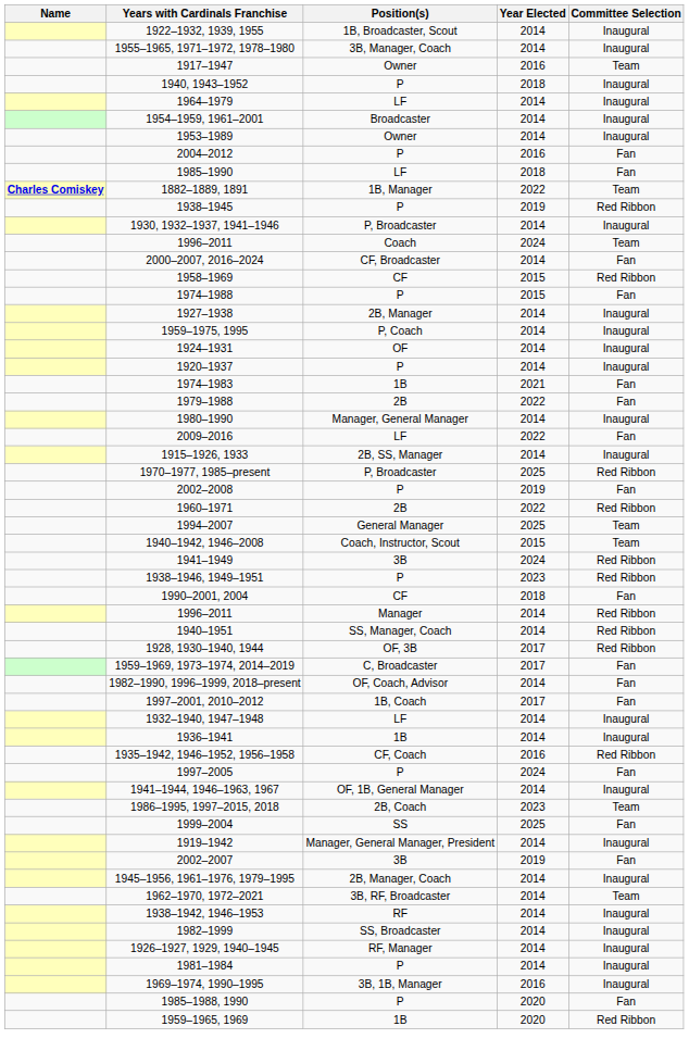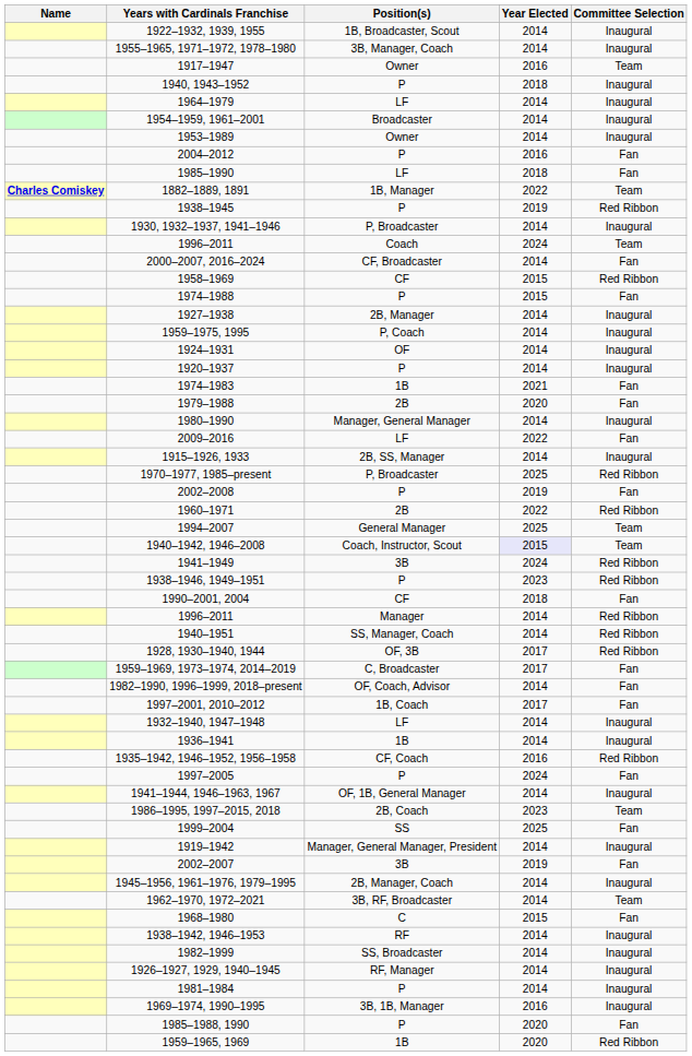 <table class="wikitable sortable" style="text-align:center">
 <tr>
 <th>Name</th>
 <th>Years with Cardinals Franchise</th>
 <th>Position(s)</th>
 <th>Year Elected</th>
 <th>Committee Selection</th>
 </tr>
 <tr>
 <td style="background:#ffb;"><strong></strong></td>
 <td>1922–1932, 1939, 1955</td>
 <td>1B, Broadcaster, Scout</td>
 <td>2014</td>
 <td>Inaugural</td>
 </tr>
 <tr>
 <td><strong></strong></td>
 <td>1955–1965, 1971–1972, 1978–1980</td>
 <td>3B, Manager, Coach</td>
 <td>2014</td>
 <td>Inaugural</td>
 </tr>
 <tr>
 <td><strong></strong></td>
 <td>1917–1947</td>
 <td>Owner</td>
 <td>2016</td>
 <td>Team</td>
 </tr>
 <tr>
 <td><strong></strong></td>
 <td>1940, 1943–1952</td>
 <td>P</td>
 <td>2018</td>
 <td>Inaugural</td>
 </tr>
 <tr>
 <td style="background:#ffb;"><strong></strong></td>
 <td>1964–1979</td>
 <td>LF</td>
 <td>2014</td>
 <td>Inaugural</td>
 </tr>
 <tr>
 <td style="background:#cfc;"><strong></strong></td>
 <td>1954–1959, 1961–2001</td>
 <td>Broadcaster</td>
 <td>2014</td>
 <td>Inaugural</td>
 </tr>
 <tr>
 <td><strong></strong></td>
 <td>1953–1989</td>
 <td>Owner</td>
 <td>2014</td>
 <td>Inaugural</td>
 </tr>
 <tr>
 <td><strong></strong></td>
 <td>2004–2012</td>
 <td>P</td>
 <td>2016</td>
 <td>Fan</td>
 </tr>
 <tr>
 <td><strong></strong></td>
 <td>1985–1990</td>
 <td>LF</td>
 <td>2018</td>
 <td>Fan</td>
 </tr>
 <tr>
 <td style="background:#ffb;"><strong><a href='#'>Charles Comiskey</a></strong></td>
 <td>1882–1889, 1891</td>
 <td>1B, Manager</td>
 <td>2022</td>
 <td>Team</td>
 </tr>
 <tr>
 <td><strong></strong></td>
 <td>1938–1945</td>
 <td>P</td>
 <td>2019</td>
 <td>Red Ribbon</td>
 </tr>
 <tr>
 <td style="background:#ffb;"><strong></strong></td>
 <td>1930, 1932–1937, 1941–1946</td>
 <td>P, Broadcaster</td>
 <td>2014</td>
 <td>Inaugural</td>
 </tr>
 <tr>
 <td><strong></strong></td>
 <td>1996–2011</td>
 <td>Coach</td>
 <td>2024</td>
 <td>Team</td>
 </tr>
 <tr>
 <td><strong></strong></td>
 <td>2000–2007, 2016–2024</td>
 <td>CF, Broadcaster</td>
 <td>2014</td>
 <td>Fan</td>
 </tr>
 <tr>
 <td><strong></strong></td>
 <td>1958–1969</td>
 <td>CF</td>
 <td>2015</td>
 <td>Red Ribbon</td>
 </tr>
 <tr>
 <td><strong></strong></td>
 <td>1974–1988</td>
 <td>P</td>
 <td>2015</td>
 <td>Fan</td>
 </tr>
 <tr>
 <td style="background:#ffb;"><strong></strong></td>
 <td>1927–1938</td>
 <td>2B, Manager</td>
 <td>2014</td>
 <td>Inaugural</td>
 </tr>
 <tr>
 <td style="background:#ffb;"><strong></strong></td>
 <td>1959–1975, 1995</td>
 <td>P, Coach</td>
 <td>2014</td>
 <td>Inaugural</td>
 </tr>
 <tr>
 <td style="background:#ffb;"><strong></strong></td>
 <td>1924–1931</td>
 <td>OF</td>
 <td>2014</td>
 <td>Inaugural</td>
 </tr>
 <tr>
 <td style="background:#ffb;"><strong></strong></td>
 <td>1920–1937</td>
 <td>P</td>
 <td>2014</td>
 <td>Inaugural</td>
 </tr>
 <tr>
 <td><strong></strong></td>
 <td>1974–1983</td>
 <td>1B</td>
 <td>2021</td>
 <td>Fan</td>
 </tr>
 <tr>
 <td><strong></strong></td>
 <td>1979–1988</td>
 <td>2B</td>
-<td>2022</td>
+<td>2020</td>
 <td>Fan</td>
 </tr>
 <tr>
 <td style="background:#ffb;"><strong></strong></td>
 <td>1980–1990</td>
 <td>Manager, General Manager</td>
 <td>2014</td>
 <td>Inaugural</td>
 </tr>
 <tr>
 <td><strong></strong></td>
 <td>2009–2016</td>
 <td>LF</td>
 <td>2022</td>
 <td>Fan</td>
 </tr>
 <tr>
 <td style="background:#ffb;"><strong></strong></td>
 <td>1915–1926, 1933</td>
 <td>2B, SS, Manager</td>
 <td>2014</td>
 <td>Inaugural</td>
 </tr>
 <tr>
 <td><strong></strong></td>
 <td>1970–1977, 1985–present</td>
 <td>P, Broadcaster</td>
 <td>2025</td>
 <td>Red Ribbon</td>
 </tr>
 <tr>
 <td><strong></strong></td>
 <td>2002–2008</td>
 <td>P</td>
 <td>2019</td>
 <td>Fan</td>
 </tr>
 <tr>
 <td><strong></strong></td>
 <td>1960–1971</td>
 <td>2B</td>
 <td>2022</td>
 <td>Red Ribbon</td>
 </tr>
 <tr>
 <td><strong></strong></td>
 <td>1994–2007</td>
 <td>General Manager</td>
 <td>2025</td>
 <td>Team</td>
 </tr>
 <tr>
 <td><strong></strong></td>
 <td>1940–1942, 1946–2008</td>
 <td>Coach, Instructor, Scout</td>
-<td>2015</td>
+<td style="background: lavender;">2015</td>
 <td>Team</td>
 </tr>
 <tr>
 <td><strong></strong></td>
 <td>1941–1949</td>
 <td>3B</td>
 <td>2024</td>
 <td>Red Ribbon</td>
 </tr>
 <tr>
 <td><strong></strong></td>
 <td>1938–1946, 1949–1951</td>
 <td>P</td>
 <td>2023</td>
 <td>Red Ribbon</td>
 </tr>
 <tr>
 <td><strong></strong></td>
 <td>1990–2001, 2004</td>
 <td>CF</td>
 <td>2018</td>
 <td>Fan</td>
 </tr>
 <tr>
 <td style="background:#ffb;"><strong></strong></td>
 <td>1996–2011</td>
 <td>Manager</td>
 <td>2014</td>
 <td>Red Ribbon</td>
 </tr>
 <tr>
 <td><strong></strong></td>
 <td>1940–1951</td>
 <td>SS, Manager, Coach</td>
 <td>2014</td>
 <td>Red Ribbon</td>
 </tr>
 <tr>
 <td><strong></strong></td>
 <td>1928, 1930–1940, 1944</td>
 <td>OF, 3B</td>
 <td>2017</td>
 <td>Red Ribbon</td>
 </tr>
 <tr>
 <td style="background:#cfc;"><strong></strong></td>
 <td>1959–1969, 1973–1974, 2014–2019</td>
 <td>C, Broadcaster</td>
 <td>2017</td>
 <td>Fan</td>
 </tr>
 <tr>
 <td><strong></strong></td>
 <td>1982–1990, 1996–1999, 2018–present</td>
 <td>OF, Coach, Advisor</td>
 <td>2014</td>
 <td>Fan</td>
 </tr>
 <tr>
 <td><strong></strong></td>
 <td>1997–2001, 2010–2012</td>
 <td>1B, Coach</td>
 <td>2017</td>
 <td>Fan</td>
 </tr>
 <tr>
 <td style="background:#ffb;"><strong></strong></td>
 <td>1932–1940, 1947–1948</td>
 <td>LF</td>
 <td>2014</td>
 <td>Inaugural</td>
 </tr>
 <tr>
 <td style="background:#ffb;"><strong></strong></td>
 <td>1936–1941</td>
 <td>1B</td>
 <td>2014</td>
 <td>Inaugural</td>
 </tr>
 <tr>
 <td><strong></strong></td>
 <td>1935–1942, 1946–1952, 1956–1958</td>
 <td>CF, Coach</td>
 <td>2016</td>
 <td>Red Ribbon</td>
 </tr>
 <tr>
 <td><strong></strong></td>
 <td>1997–2005</td>
 <td>P</td>
 <td>2024</td>
 <td>Fan</td>
 </tr>
 <tr>
 <td style="background:#ffb;"><strong></strong></td>
 <td>1941–1944, 1946–1963, 1967</td>
 <td>OF, 1B, General Manager</td>
 <td>2014</td>
 <td>Inaugural</td>
 </tr>
 <tr>
 <td><strong></strong></td>
 <td>1986–1995, 1997–2015, 2018</td>
 <td>2B, Coach</td>
 <td>2023</td>
 <td>Team</td>
 </tr>
 <tr>
 <td><strong></strong></td>
 <td>1999–2004</td>
 <td>SS</td>
 <td>2025</td>
 <td>Fan</td>
 </tr>
 <tr>
 <td style="background:#ffb;"><strong></strong></td>
 <td>1919–1942</td>
 <td>Manager, General Manager, President</td>
 <td>2014</td>
 <td>Inaugural</td>
 </tr>
 <tr>
 <td style="background:#ffb;"><strong></strong></td>
 <td>2002–2007</td>
 <td>3B</td>
 <td>2019</td>
 <td>Fan</td>
 </tr>
 <tr>
 <td style="background:#ffb;"><strong></strong></td>
 <td>1945–1956, 1961–1976, 1979–1995</td>
 <td>2B, Manager, Coach</td>
 <td>2014</td>
 <td>Inaugural</td>
 </tr>
 <tr>
 <td><strong></strong></td>
 <td>1962–1970, 1972–2021</td>
 <td>3B, RF, Broadcaster</td>
 <td>2014</td>
 <td>Team</td>
 </tr>
 <tr>
 <td style="background:#ffb;"><strong></strong></td>
+<td>1968–1980</td>
+<td>C</td>
+<td>2015</td>
+<td>Fan</td>
+</tr>
+<tr>
+<td style="background:#ffb;"><strong></strong></td>
 <td>1938–1942, 1946–1953</td>
 <td>RF</td>
 <td>2014</td>
 <td>Inaugural</td>
 </tr>
 <tr>
 <td style="background:#ffb;"><strong></strong></td>
 <td>1982–1999</td>
 <td>SS, Broadcaster</td>
 <td>2014</td>
 <td>Inaugural</td>
 </tr>
 <tr>
 <td style="background:#ffb;"><strong></strong></td>
 <td>1926–1927, 1929, 1940–1945</td>
 <td>RF, Manager</td>
 <td>2014</td>
 <td>Inaugural</td>
 </tr>
 <tr>
 <td style="background:#ffb;"><strong></strong></td>
 <td>1981–1984</td>
 <td>P</td>
 <td>2014</td>
 <td>Inaugural</td>
 </tr>
 <tr>
 <td style="background:#ffb;"><strong></strong></td>
 <td>1969–1974, 1990–1995</td>
 <td>3B, 1B, Manager</td>
 <td>2016</td>
 <td>Inaugural</td>
 </tr>
 <tr>
 <td><strong></strong></td>
 <td>1985–1988, 1990</td>
 <td>P</td>
 <td>2020</td>
 <td>Fan</td>
 </tr>
 <tr>
 <td><strong></strong></td>
 <td>1959–1965, 1969</td>
 <td>1B</td>
 <td>2020</td>
 <td>Red Ribbon</td>
 </tr>
 </table>
